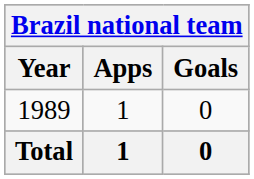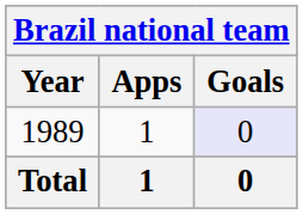 <table class="wikitable" style="text-align:center">
 <tr>
 <th colspan=3><a href='#'>Brazil national team</a></th>
 </tr>
 <tr>
 <th>Year</th>
 <th>Apps</th>
 <th>Goals</th>
 </tr>
 <tr>
 <td>1989</td>
 <td>1</td>
-<td>0</td>
+<td style="background: lavender;">0</td>
 </tr>
 <tr>
 <th>Total</th>
 <th>1</th>
 <th>0</th>
 </tr>
 </table>
